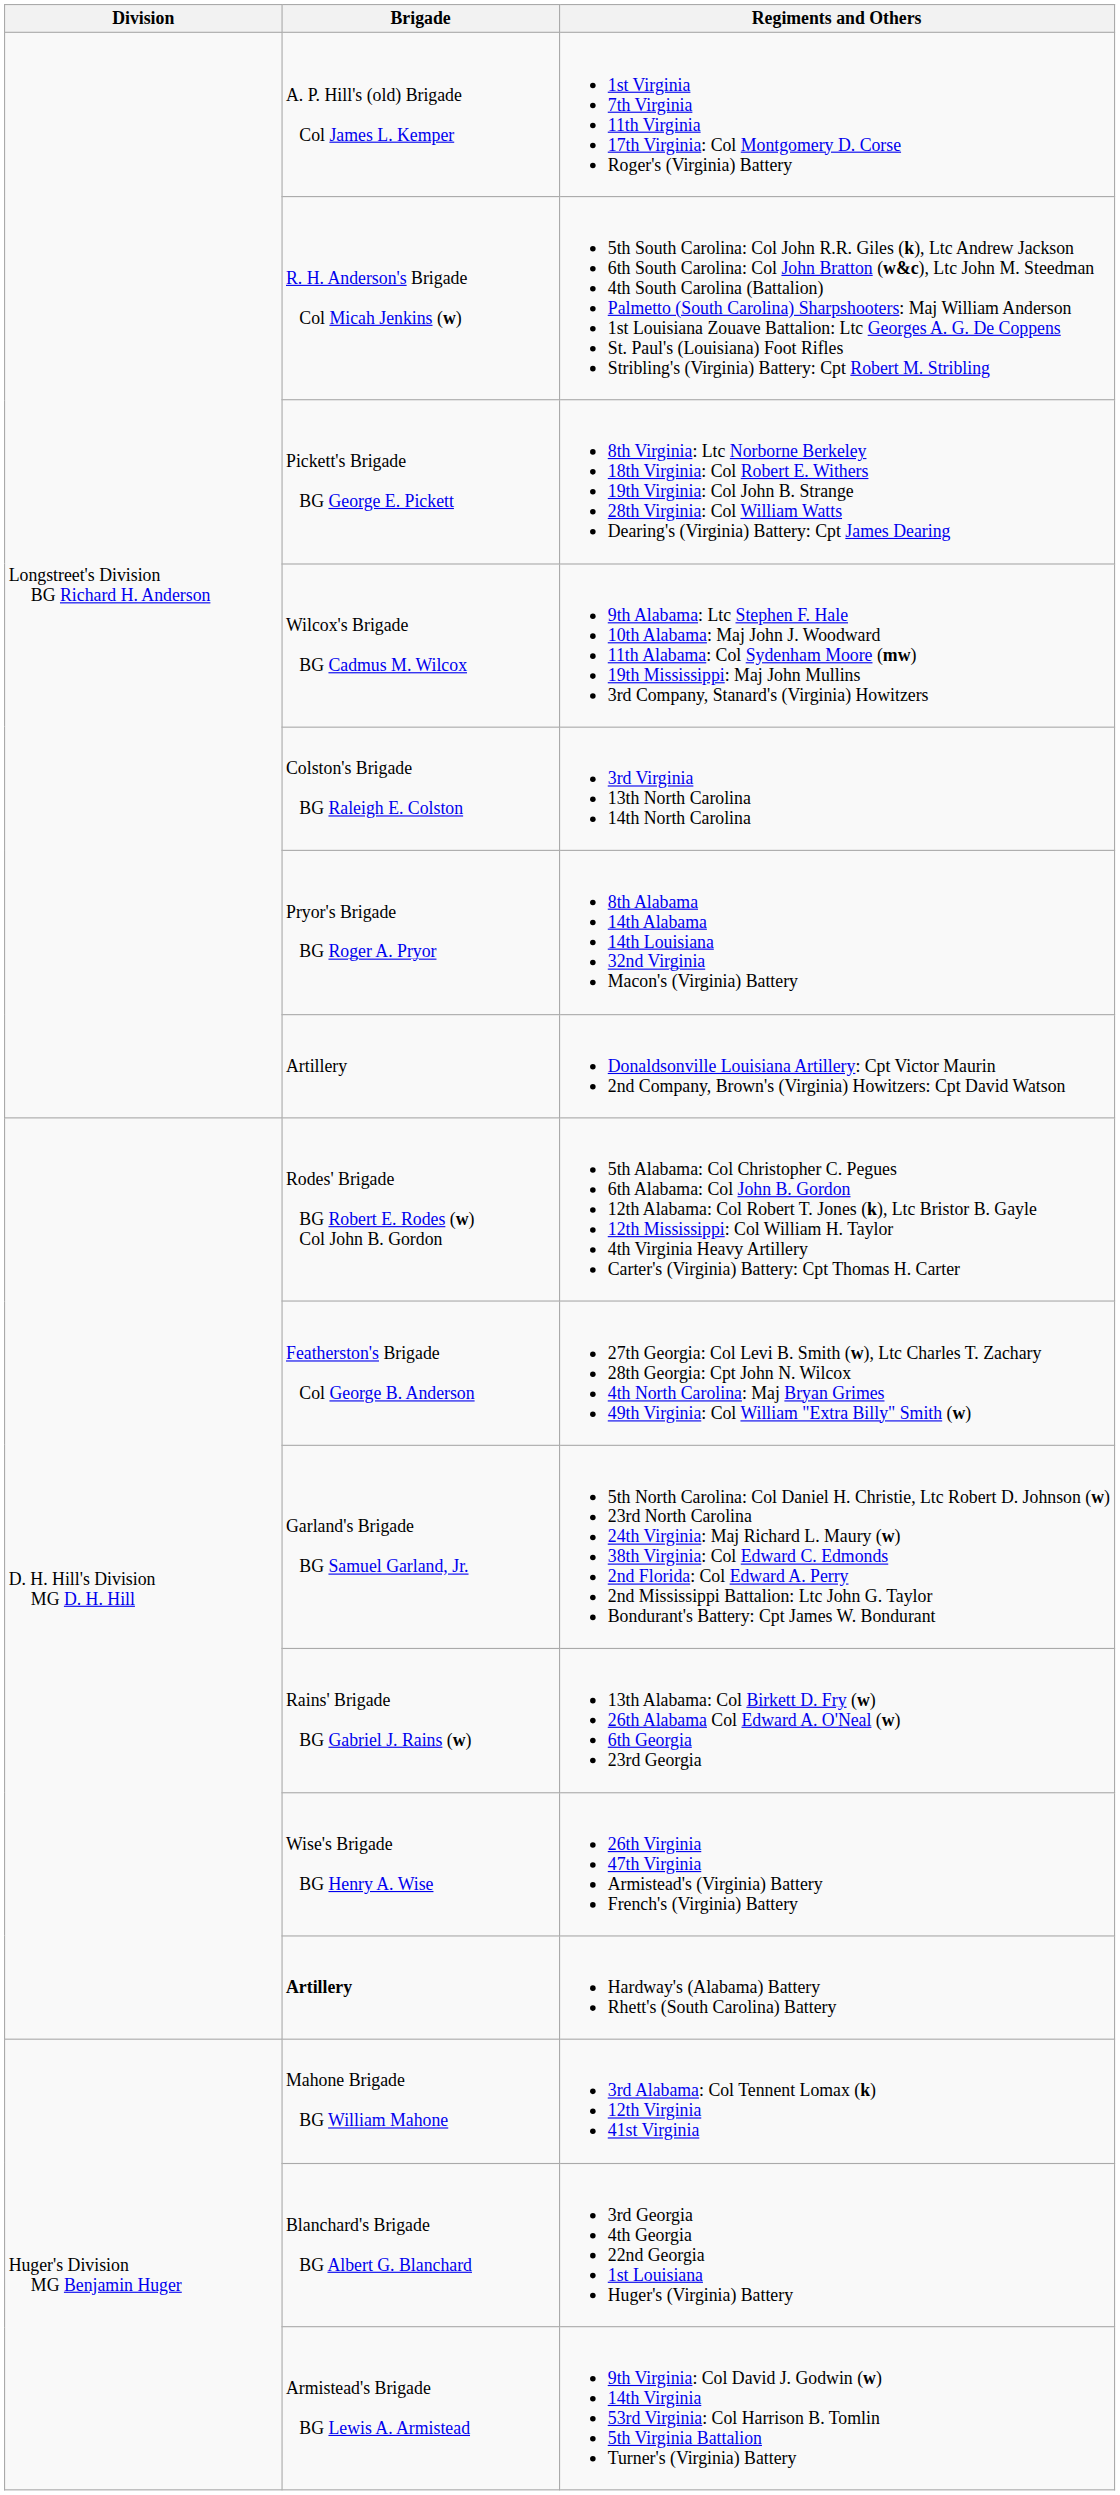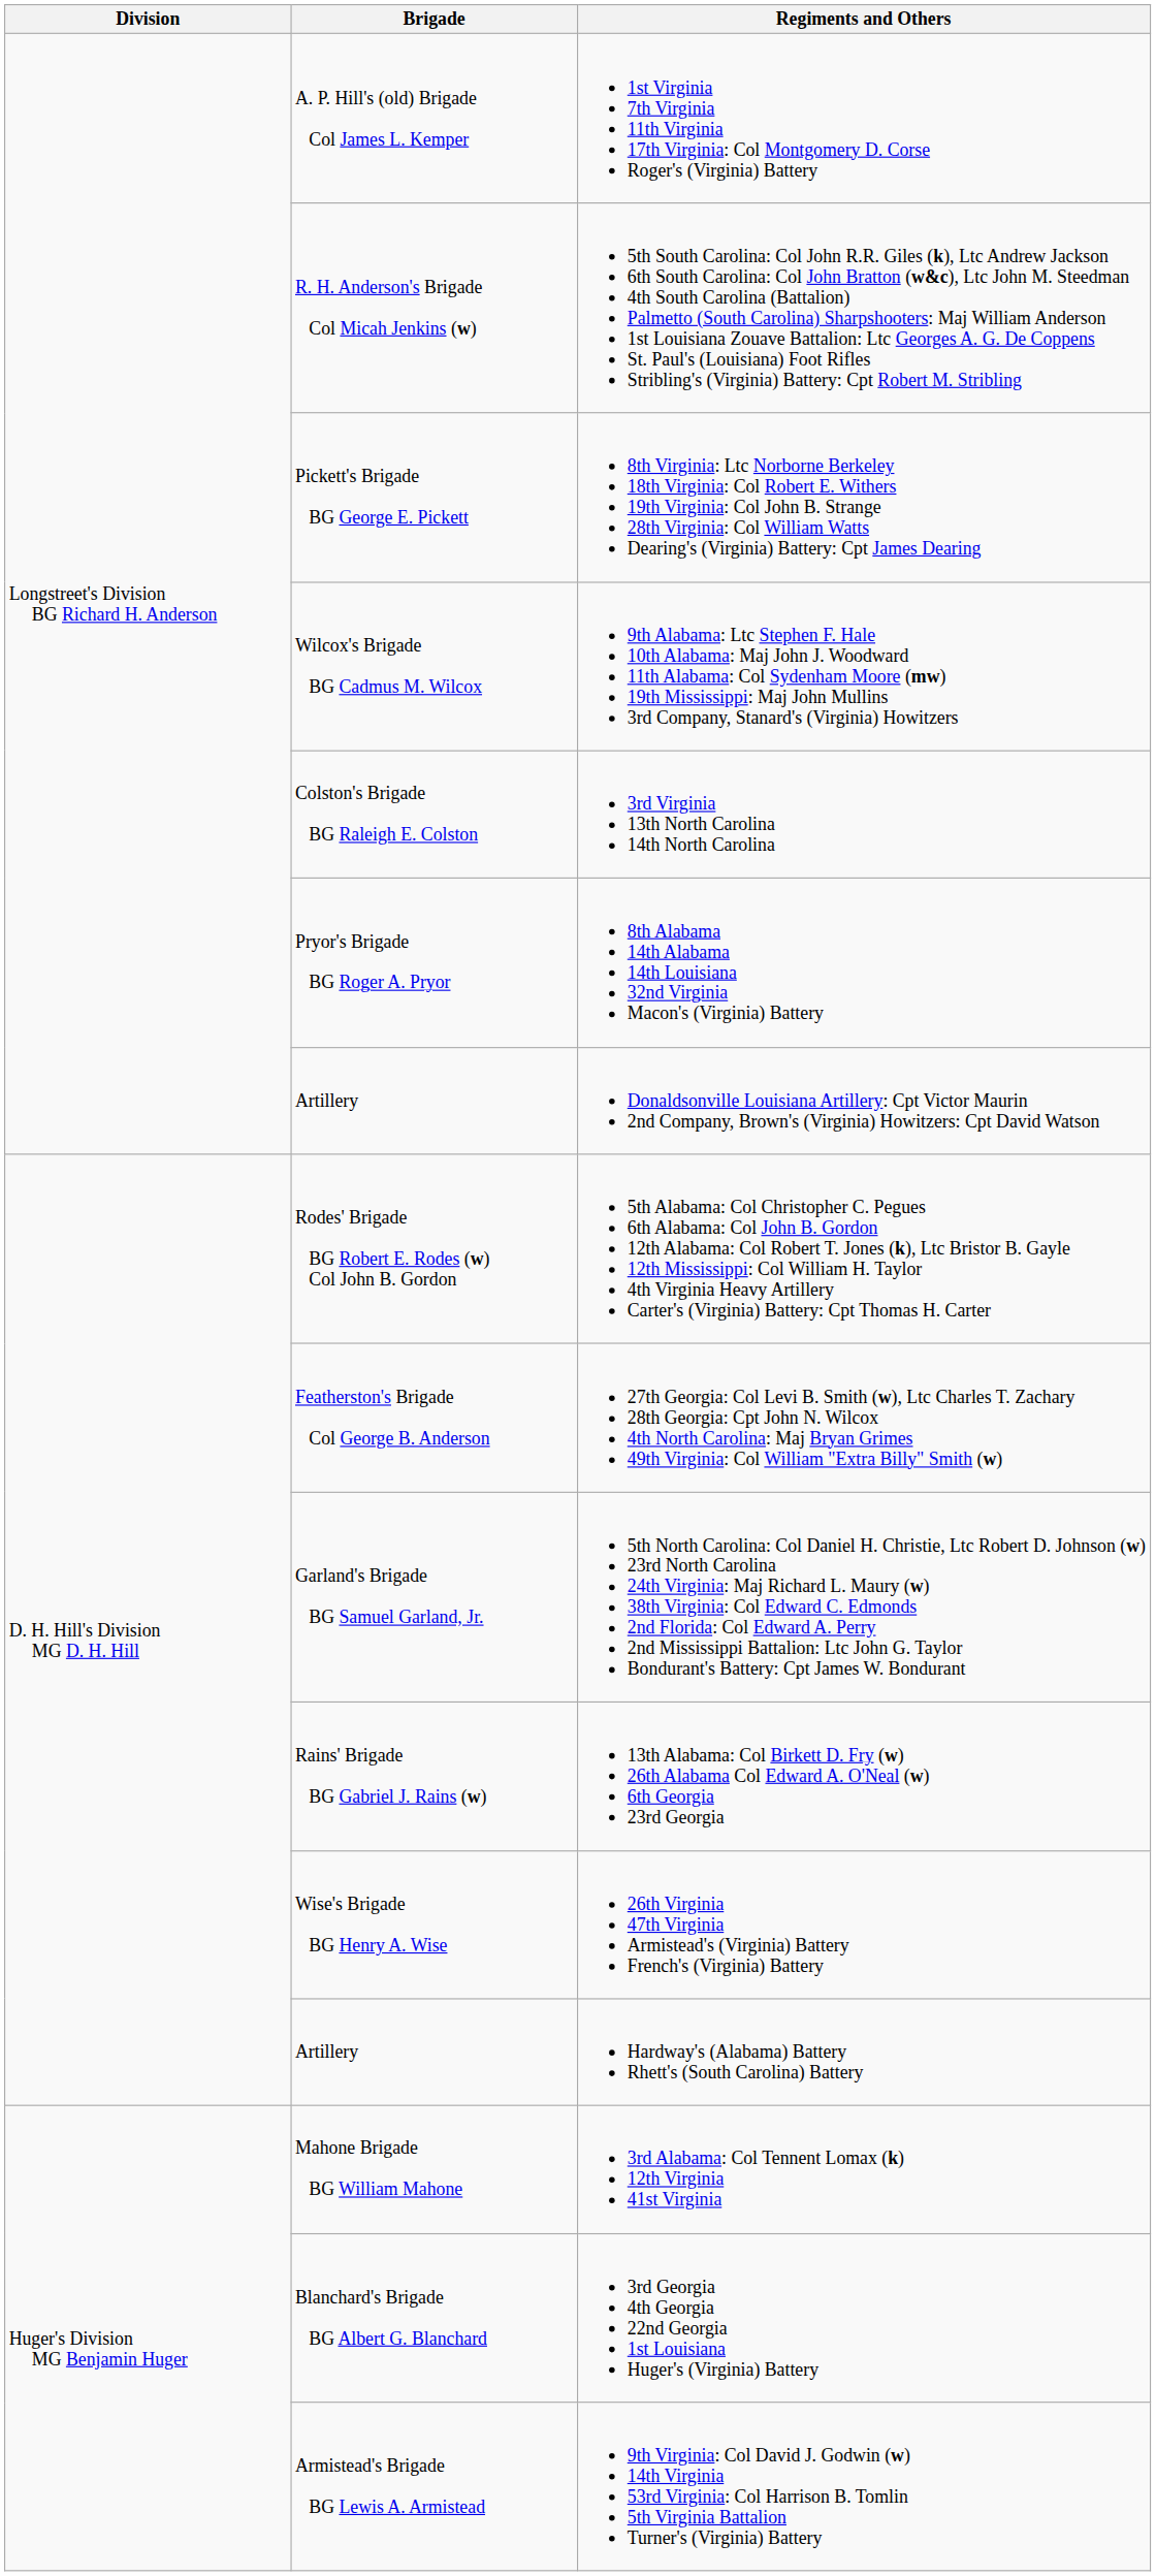 <table class="wikitable">
 <tr>
 <th width=25%>Division</th>
 <th width=25%>Brigade</th>
 <th>Regiments and Others</th>
 </tr>
 <tr>
 <td rowspan=7><br>Longstreet's Division <br>     BG <a href='#'>Richard H. Anderson</a></td>
 <td>A. P. Hill's (old) Brigade<br><br>   Col <a href='#'>James L. Kemper</a></td>
 <td><br><ul><li><a href='#'>1st Virginia</a></li><li><a href='#'>7th Virginia</a></li><li><a href='#'>11th Virginia</a></li><li><a href='#'>17th Virginia</a>: Col <a href='#'>Montgomery D. Corse</a></li><li>Roger's (Virginia) Battery</li></ul></td>
 </tr>
 <tr>
 <td><a href='#'>R. H. Anderson's</a> Brigade<br><br>   Col <a href='#'>Micah Jenkins</a> (<strong>w</strong>)</td>
 <td><br><ul><li>5th South Carolina: Col John R.R. Giles (<strong>k</strong>), Ltc Andrew Jackson</li><li>6th South Carolina: Col <a href='#'>John Bratton</a> (<strong>w&c</strong>), Ltc John M. Steedman</li><li>4th South Carolina (Battalion)</li><li><a href='#'>Palmetto (South Carolina) Sharpshooters</a>: Maj William Anderson</li><li>1st Louisiana Zouave Battalion: Ltc <a href='#'>Georges A. G. De Coppens</a></li><li>St. Paul's (Louisiana) Foot Rifles</li><li>Stribling's (Virginia) Battery: Cpt <a href='#'>Robert M. Stribling</a></li></ul></td>
 </tr>
 <tr>
 <td>Pickett's Brigade<br><br>   BG <a href='#'>George E. Pickett</a></td>
 <td><br><ul><li><a href='#'>8th Virginia</a>: Ltc <a href='#'>Norborne Berkeley</a></li><li><a href='#'>18th Virginia</a>: Col <a href='#'>Robert E. Withers</a></li><li><a href='#'>19th Virginia</a>: Col John B. Strange</li><li><a href='#'>28th Virginia</a>: Col <a href='#'>William Watts</a></li><li>Dearing's (Virginia) Battery: Cpt <a href='#'>James Dearing</a></li></ul></td>
 </tr>
 <tr>
 <td>Wilcox's Brigade<br><br>   BG <a href='#'>Cadmus M. Wilcox</a></td>
 <td><br><ul><li><a href='#'>9th Alabama</a>: Ltc <a href='#'>Stephen F. Hale</a></li><li><a href='#'>10th Alabama</a>: Maj John J. Woodward</li><li><a href='#'>11th Alabama</a>: Col <a href='#'>Sydenham Moore</a> (<strong>mw</strong>)</li><li><a href='#'>19th Mississippi</a>: Maj John Mullins</li><li>3rd Company, Stanard's (Virginia) Howitzers</li></ul></td>
 </tr>
 <tr>
 <td>Colston's Brigade<br><br>   BG <a href='#'>Raleigh E. Colston</a></td>
 <td><br><ul><li><a href='#'>3rd Virginia</a></li><li>13th North Carolina</li><li>14th North Carolina</li></ul></td>
 </tr>
 <tr>
 <td>Pryor's Brigade<br><br>   BG <a href='#'>Roger A. Pryor</a></td>
 <td><br><ul><li><a href='#'>8th Alabama</a></li><li><a href='#'>14th Alabama</a></li><li><a href='#'>14th Louisiana</a></li><li><a href='#'>32nd Virginia</a></li><li>Macon's (Virginia) Battery</li></ul></td>
 </tr>
 <tr>
 <td>Artillery</td>
 <td><br><ul><li><a href='#'>Donaldsonville Louisiana Artillery</a>: Cpt Victor Maurin</li><li>2nd Company, Brown's (Virginia) Howitzers: Cpt David Watson</li></ul></td>
 </tr>
 <tr>
 <td rowspan=6><br>D. H. Hill's Division <br>     MG <a href='#'>D. H. Hill</a></td>
 <td>Rodes' Brigade<br><br>   BG <a href='#'>Robert E. Rodes</a> (<strong>w</strong>) <br>   Col John B. Gordon</td>
 <td><br><ul><li>5th Alabama: Col Christopher C. Pegues</li><li>6th Alabama: Col <a href='#'>John B. Gordon</a></li><li>12th Alabama: Col Robert T. Jones (<strong>k</strong>), Ltc Bristor B. Gayle</li><li><a href='#'>12th Mississippi</a>: Col William H. Taylor</li><li>4th Virginia Heavy Artillery</li><li>Carter's (Virginia) Battery: Cpt Thomas H. Carter</li></ul></td>
 </tr>
 <tr>
 <td><a href='#'>Featherston's</a> Brigade<br><br>   Col <a href='#'>George B. Anderson</a></td>
 <td><br><ul><li>27th Georgia: Col Levi B. Smith (<strong>w</strong>), Ltc Charles T. Zachary</li><li>28th Georgia: Cpt John N. Wilcox</li><li><a href='#'>4th North Carolina</a>: Maj <a href='#'>Bryan Grimes</a></li><li><a href='#'>49th Virginia</a>: Col <a href='#'>William "Extra Billy" Smith</a> (<strong>w</strong>)</li></ul></td>
 </tr>
 <tr>
 <td>Garland's Brigade<br><br>   BG <a href='#'>Samuel Garland, Jr.</a></td>
 <td><br><ul><li>5th North Carolina: Col Daniel H. Christie, Ltc Robert D. Johnson (<strong>w</strong>)</li><li>23rd North Carolina</li><li><a href='#'>24th Virginia</a>: Maj Richard L. Maury (<strong>w</strong>)</li><li><a href='#'>38th Virginia</a>: Col <a href='#'>Edward C. Edmonds</a></li><li><a href='#'>2nd Florida</a>: Col <a href='#'>Edward A. Perry</a></li><li>2nd Mississippi Battalion: Ltc John G. Taylor</li><li>Bondurant's Battery: Cpt James W. Bondurant</li></ul></td>
 </tr>
 <tr>
 <td>Rains' Brigade<br><br>   BG <a href='#'>Gabriel J. Rains</a> (<strong>w</strong>)</td>
 <td><br><ul><li>13th Alabama: Col <a href='#'>Birkett D. Fry</a> (<strong>w</strong>)</li><li><a href='#'>26th Alabama</a> Col <a href='#'>Edward A. O'Neal</a> (<strong>w</strong>)</li><li><a href='#'>6th Georgia</a></li><li>23rd Georgia</li></ul></td>
 </tr>
 <tr>
 <td>Wise's Brigade<br><br>   BG <a href='#'>Henry A. Wise</a></td>
 <td><br><ul><li><a href='#'>26th Virginia</a></li><li><a href='#'>47th Virginia</a></li><li>Armistead's (Virginia) Battery</li><li>French's (Virginia) Battery</li></ul></td>
 </tr>
 <tr>
-<td><strong>Artillery</strong></td>
+<td>Artillery</td>
 <td><br><ul><li>Hardway's (Alabama) Battery</li><li>Rhett's (South Carolina) Battery</li></ul></td>
 </tr>
 <tr>
 <td rowspan=3><br>Huger's Division <br>     MG <a href='#'>Benjamin Huger</a></td>
 <td>Mahone Brigade<br><br>   BG <a href='#'>William Mahone</a></td>
 <td><br><ul><li><a href='#'>3rd Alabama</a>: Col Tennent Lomax (<strong>k</strong>)</li><li><a href='#'>12th Virginia</a></li><li><a href='#'>41st Virginia</a></li></ul></td>
 </tr>
 <tr>
 <td>Blanchard's Brigade<br><br>   BG <a href='#'>Albert G. Blanchard</a></td>
 <td><br><ul><li>3rd Georgia</li><li>4th Georgia</li><li>22nd Georgia</li><li><a href='#'>1st Louisiana</a></li><li>Huger's (Virginia) Battery</li></ul></td>
 </tr>
 <tr>
 <td>Armistead's Brigade<br><br>   BG <a href='#'>Lewis A. Armistead</a></td>
 <td><br><ul><li><a href='#'>9th Virginia</a>: Col David J. Godwin (<strong>w</strong>)</li><li><a href='#'>14th Virginia</a></li><li><a href='#'>53rd Virginia</a>: Col Harrison B. Tomlin</li><li><a href='#'>5th Virginia Battalion</a></li><li>Turner's (Virginia) Battery</li></ul></td>
 </tr>
 </table>
